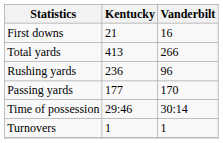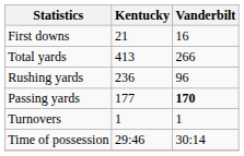 <table class="wikitable" style="float: left;">
 <tr>
 <th>Statistics</th>
 <th>Kentucky</th>
 <th>Vanderbilt</th>
 </tr>
 <tr>
 <td>First downs</td>
 <td>21</td>
 <td>16</td>
 </tr>
 <tr>
 <td>Total yards</td>
 <td>413</td>
 <td>266</td>
 </tr>
 <tr>
 <td>Rushing yards</td>
 <td>236</td>
 <td>96</td>
 </tr>
 <tr>
 <td>Passing yards</td>
 <td>177</td>
-<td>170</td>
+<td><strong>170</strong></td>
+</tr>
+<tr>
+<td>Turnovers</td>
+<td>1</td>
+<td>1</td>
 </tr>
 <tr>
 <td>Time of possession</td>
 <td>29:46</td>
 <td>30:14</td>
 </tr>
 <tr>
-<td>Turnovers</td>
-<td>1</td>
-<td>1</td>
-</tr>
-<tr>
 </tr>
 </table>
